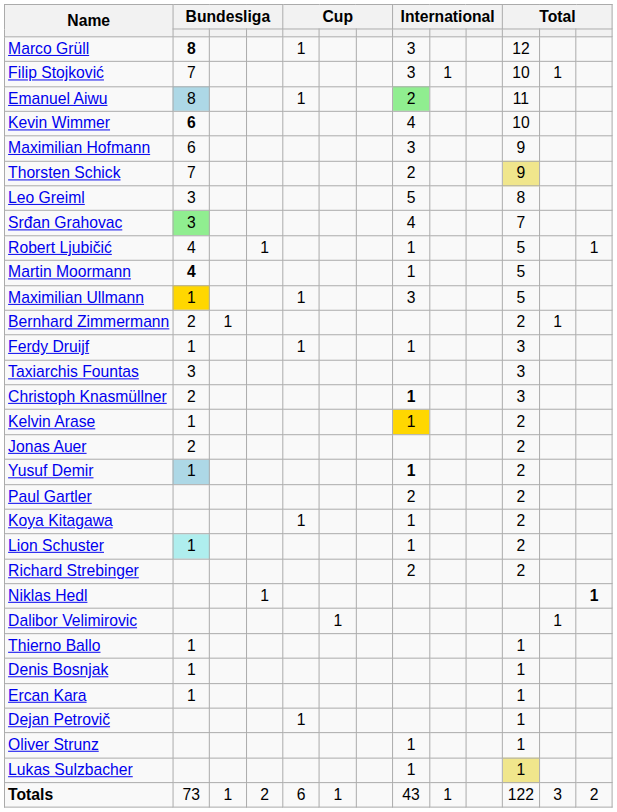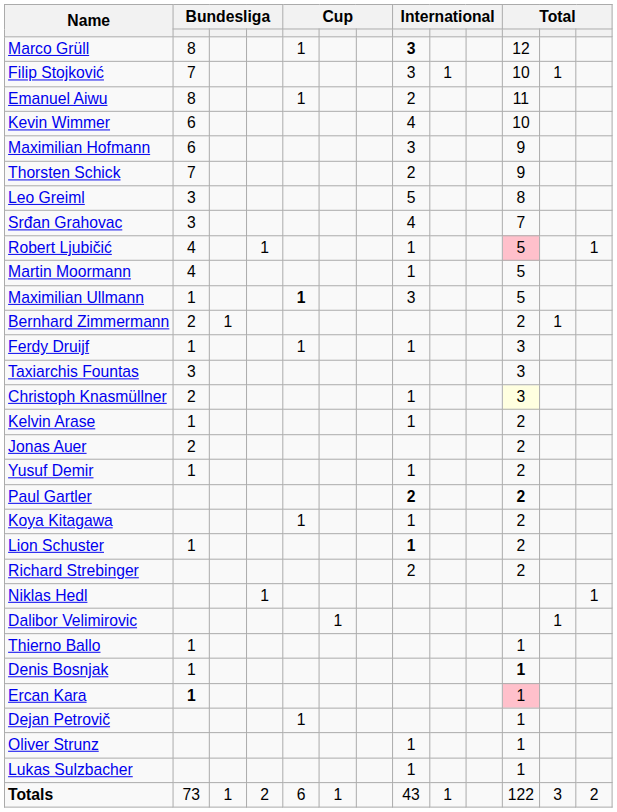 <table class="wikitable" style="text-align: center;">
 <tr>
 <th rowspan="2">Name</th>
 <th colspan="3">Bundesliga</th>
 <th colspan="3">Cup</th>
 <th colspan="3">International</th>
 <th colspan="3">Total</th>
 </tr>
 <tr>
 <th width=30></th>
 <th width=30></th>
 <th width=30></th>
 <th width=30></th>
 <th width=30></th>
 <th width=30></th>
 <th width=30></th>
 <th width=30></th>
 <th width=30></th>
 <th width=30></th>
 <th width=30></th>
 <th width=30></th>
 </tr>
 <tr>
 <td align="left"> <a href='#'>Marco Grüll</a></td>
-<td><strong>8</strong></td>
+<td>8</td>
 <td></td>
 <td></td>
 <td>1</td>
 <td></td>
 <td></td>
-<td>3</td>
+<td><strong>3</strong></td>
 <td></td>
 <td></td>
 <td>12</td>
 <td></td>
 <td></td>
 </tr>
 <tr>
 <td align="left"> <a href='#'>Filip Stojković</a></td>
 <td>7</td>
 <td></td>
 <td></td>
 <td></td>
 <td></td>
 <td></td>
 <td>3</td>
 <td>1</td>
 <td></td>
 <td>10</td>
 <td>1</td>
 <td></td>
 </tr>
 <tr>
 <td align="left"> <a href='#'>Emanuel Aiwu</a></td>
-<td style="background: lightblue;">8</td>
+<td>8</td>
 <td></td>
 <td></td>
 <td>1</td>
 <td></td>
 <td></td>
-<td style="background: lightgreen;">2</td>
+<td>2</td>
 <td></td>
 <td></td>
 <td>11</td>
 <td></td>
 <td></td>
 </tr>
 <tr>
 <td align="left"> <a href='#'>Kevin Wimmer</a></td>
-<td><strong>6</strong></td>
+<td>6</td>
 <td></td>
 <td></td>
 <td></td>
 <td></td>
 <td></td>
 <td>4</td>
 <td></td>
 <td></td>
 <td>10</td>
 <td></td>
 <td></td>
 </tr>
 <tr>
 <td align="left"> <a href='#'>Maximilian Hofmann</a></td>
 <td>6</td>
 <td></td>
 <td></td>
 <td></td>
 <td></td>
 <td></td>
 <td>3</td>
 <td></td>
 <td></td>
 <td>9</td>
 <td></td>
 <td></td>
 </tr>
 <tr>
 <td align="left"> <a href='#'>Thorsten Schick</a></td>
 <td>7</td>
 <td></td>
 <td></td>
 <td></td>
 <td></td>
 <td></td>
 <td>2</td>
 <td></td>
 <td></td>
-<td style="background: khaki;">9</td>
+<td>9</td>
 <td></td>
 <td></td>
 </tr>
 <tr>
 <td align="left"> <a href='#'>Leo Greiml</a></td>
 <td>3</td>
 <td></td>
 <td></td>
 <td></td>
 <td></td>
 <td></td>
 <td>5</td>
 <td></td>
 <td></td>
 <td>8</td>
 <td></td>
 <td></td>
 </tr>
 <tr>
 <td align="left"> <a href='#'>Srđan Grahovac</a></td>
-<td style="background: lightgreen;">3</td>
+<td>3</td>
 <td></td>
 <td></td>
 <td></td>
 <td></td>
 <td></td>
 <td>4</td>
 <td></td>
 <td></td>
 <td>7</td>
 <td></td>
 <td></td>
 </tr>
 <tr>
 <td align="left"> <a href='#'>Robert Ljubičić</a></td>
 <td>4</td>
 <td></td>
 <td>1</td>
 <td></td>
 <td></td>
 <td></td>
 <td>1</td>
 <td></td>
 <td></td>
-<td>5</td>
+<td style="background: pink;">5</td>
 <td></td>
 <td>1</td>
 </tr>
 <tr>
 <td align="left"> <a href='#'>Martin Moormann</a></td>
-<td><strong>4</strong></td>
+<td>4</td>
 <td></td>
 <td></td>
 <td></td>
 <td></td>
 <td></td>
 <td>1</td>
 <td></td>
 <td></td>
 <td>5</td>
 <td></td>
 <td></td>
 </tr>
 <tr>
 <td align="left"> <a href='#'>Maximilian Ullmann</a></td>
-<td style="background: gold;">1</td>
+<td>1</td>
 <td></td>
 <td></td>
-<td>1</td>
+<td><strong>1</strong></td>
 <td></td>
 <td></td>
 <td>3</td>
 <td></td>
 <td></td>
 <td>5</td>
 <td></td>
 <td></td>
 </tr>
 <tr>
 <td align="left"> <a href='#'>Bernhard Zimmermann</a></td>
 <td>2</td>
 <td>1</td>
 <td></td>
 <td></td>
 <td></td>
 <td></td>
 <td></td>
 <td></td>
 <td></td>
 <td>2</td>
 <td>1</td>
 <td></td>
 </tr>
 <tr>
 <td align="left"> <a href='#'>Ferdy Druijf</a></td>
 <td>1</td>
 <td></td>
 <td></td>
 <td>1</td>
 <td></td>
 <td></td>
 <td>1</td>
 <td></td>
 <td></td>
 <td>3</td>
 <td></td>
 <td></td>
 </tr>
 <tr>
 <td align="left"> <a href='#'>Taxiarchis Fountas</a></td>
 <td>3</td>
 <td></td>
 <td></td>
 <td></td>
 <td></td>
 <td></td>
 <td></td>
 <td></td>
 <td></td>
 <td>3</td>
 <td></td>
 <td></td>
 </tr>
 <tr>
 <td align="left"> <a href='#'>Christoph Knasmüllner</a></td>
 <td>2</td>
 <td></td>
 <td></td>
 <td></td>
 <td></td>
 <td></td>
-<td><strong>1</strong></td>
+<td>1</td>
 <td></td>
 <td></td>
-<td>3</td>
+<td style="background: lightyellow;">3</td>
 <td></td>
 <td></td>
 </tr>
 <tr>
 <td align="left"> <a href='#'>Kelvin Arase</a></td>
 <td>1</td>
 <td></td>
 <td></td>
 <td></td>
 <td></td>
 <td></td>
-<td style="background: gold;">1</td>
+<td>1</td>
 <td></td>
 <td></td>
 <td>2</td>
 <td></td>
 <td></td>
 </tr>
 <tr>
 <td align="left"> <a href='#'>Jonas Auer</a></td>
 <td>2</td>
 <td></td>
 <td></td>
 <td></td>
 <td></td>
 <td></td>
 <td></td>
 <td></td>
 <td></td>
 <td>2</td>
 <td></td>
 <td></td>
 </tr>
 <tr>
 <td align="left"> <a href='#'>Yusuf Demir</a></td>
-<td style="background: lightblue;">1</td>
+<td>1</td>
 <td></td>
 <td></td>
 <td></td>
 <td></td>
 <td></td>
-<td><strong>1</strong></td>
+<td>1</td>
 <td></td>
 <td></td>
 <td>2</td>
 <td></td>
 <td></td>
 </tr>
 <tr>
 <td align="left"> <a href='#'>Paul Gartler</a></td>
 <td></td>
 <td></td>
 <td></td>
 <td></td>
 <td></td>
 <td></td>
-<td>2</td>
+<td><strong>2</strong></td>
 <td></td>
 <td></td>
-<td>2</td>
+<td><strong>2</strong></td>
 <td></td>
 <td></td>
 </tr>
 <tr>
 <td align="left"> <a href='#'>Koya Kitagawa</a></td>
 <td></td>
 <td></td>
 <td></td>
 <td>1</td>
 <td></td>
 <td></td>
 <td>1</td>
 <td></td>
 <td></td>
 <td>2</td>
 <td></td>
 <td></td>
 </tr>
 <tr>
 <td align="left"> <a href='#'>Lion Schuster</a></td>
-<td style="background: paleturquoise;">1</td>
+<td>1</td>
 <td></td>
 <td></td>
 <td></td>
 <td></td>
 <td></td>
-<td>1</td>
+<td><strong>1</strong></td>
 <td></td>
 <td></td>
 <td>2</td>
 <td></td>
 <td></td>
 </tr>
 <tr>
 <td align="left"> <a href='#'>Richard Strebinger</a></td>
 <td></td>
 <td></td>
 <td></td>
 <td></td>
 <td></td>
 <td></td>
 <td>2</td>
 <td></td>
 <td></td>
 <td>2</td>
 <td></td>
 <td></td>
 </tr>
 <tr>
 <td align="left"> <a href='#'>Niklas Hedl</a></td>
 <td></td>
 <td></td>
 <td>1</td>
 <td></td>
 <td></td>
 <td></td>
 <td></td>
 <td></td>
 <td></td>
 <td></td>
 <td></td>
-<td><strong>1</strong></td>
+<td>1</td>
 </tr>
 <tr>
 <td align="left"> <a href='#'>Dalibor Velimirovic</a></td>
 <td></td>
 <td></td>
 <td></td>
 <td></td>
 <td>1</td>
 <td></td>
 <td></td>
 <td></td>
 <td></td>
 <td></td>
 <td>1</td>
 <td></td>
 </tr>
 <tr>
 <td align="left"> <a href='#'>Thierno Ballo</a></td>
 <td>1</td>
 <td></td>
 <td></td>
 <td></td>
 <td></td>
 <td></td>
 <td></td>
 <td></td>
 <td></td>
 <td>1</td>
 <td></td>
 <td></td>
 </tr>
 <tr>
 <td align="left"> <a href='#'>Denis Bosnjak</a></td>
 <td>1</td>
 <td></td>
 <td></td>
 <td></td>
 <td></td>
 <td></td>
 <td></td>
 <td></td>
 <td></td>
-<td>1</td>
+<td><strong>1</strong></td>
 <td></td>
 <td></td>
 </tr>
 <tr>
 <td align="left"> <a href='#'>Ercan Kara</a></td>
-<td>1</td>
+<td><strong>1</strong></td>
 <td></td>
 <td></td>
 <td></td>
 <td></td>
 <td></td>
 <td></td>
 <td></td>
 <td></td>
-<td>1</td>
+<td style="background: pink;">1</td>
 <td></td>
 <td></td>
 </tr>
 <tr>
 <td align="left"> <a href='#'>Dejan Petrovič</a></td>
 <td></td>
 <td></td>
 <td></td>
 <td>1</td>
 <td></td>
 <td></td>
 <td></td>
 <td></td>
 <td></td>
 <td>1</td>
 <td></td>
 <td></td>
 </tr>
 <tr>
 <td align="left"> <a href='#'>Oliver Strunz</a></td>
 <td></td>
 <td></td>
 <td></td>
 <td></td>
 <td></td>
 <td></td>
 <td>1</td>
 <td></td>
 <td></td>
 <td>1</td>
 <td></td>
 <td></td>
 </tr>
 <tr>
 <td align="left"> <a href='#'>Lukas Sulzbacher</a></td>
 <td></td>
 <td></td>
 <td></td>
 <td></td>
 <td></td>
 <td></td>
 <td>1</td>
 <td></td>
 <td></td>
-<td style="background: khaki;">1</td>
+<td>1</td>
 <td></td>
 <td></td>
 </tr>
 <tr class="sortbottom">
 <td align="left"><strong>Totals</strong></td>
 <td>73</td>
 <td>1</td>
 <td>2</td>
 <td>6</td>
 <td>1</td>
 <td></td>
 <td>43</td>
 <td>1</td>
 <td></td>
 <td>122</td>
 <td>3</td>
 <td>2</td>
 </tr>
 </table>
